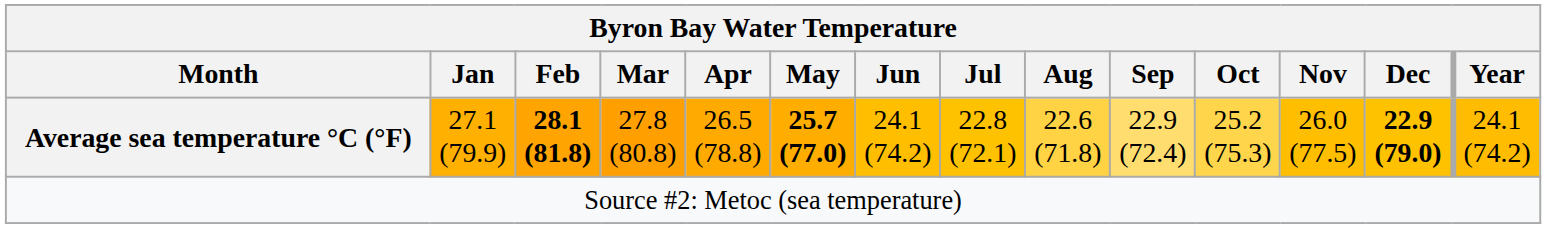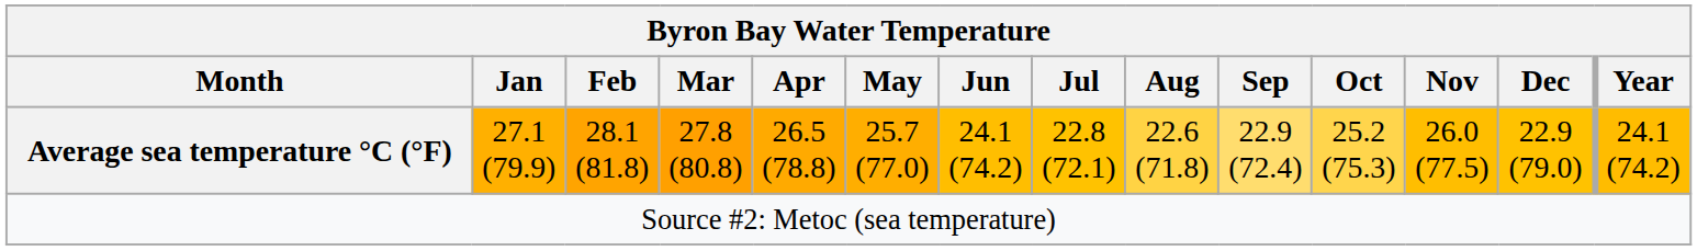 <table style="width:90%;text-align:center;font-size:90%;line-height:1.2em;margin-left:auto;margin-right:auto" class="wikitable">
 <tr>
 <th Colspan=14>Byron Bay Water Temperature</th>
 </tr>
 <tr>
 <th>Month</th>
 <th>Jan</th>
 <th>Feb</th>
 <th>Mar</th>
 <th>Apr</th>
 <th>May</th>
 <th>Jun</th>
 <th>Jul</th>
 <th>Aug</th>
 <th>Sep</th>
 <th>Oct</th>
 <th>Nov</th>
 <th>Dec</th>
 <th style="border-left-width:medium">Year</th>
 </tr>
 <tr>
 <th>Average sea temperature °C (°F)</th>
 <td style="background:#FFB000;color:#000000;">27.1<br>(79.9)</td>
-<td style="background:#FFA400;color:#000000;"><strong>28.1<br>(81.8)</strong></td>
+<td style="background:#FFA400;color:#000000;">28.1<br>(81.8)</td>
 <td style="background:#FFA000;color:#000000;">27.8<br>(80.8)</td>
 <td style="background:#FFAA00;color:#000000;">26.5<br>(78.8)</td>
-<td style="background:#FFAE00;color:#000000;"><strong>25.7<br>(77.0)</strong></td>
+<td style="background:#FFAE00;color:#000000;">25.7<br>(77.0)</td>
 <td style="background:#FFBE00;color:#000000;">24.1<br>(74.2)</td>
 <td style="background:#FFC200;color:#000000;">22.8<br>(72.1)</td>
 <td style="background:#FFD344;color:#000000;">22.6<br>(71.8)</td>
 <td style="background:#FFDD6E;color:#000000;">22.9<br>(72.4)</td>
 <td style="background:#FFD54C;color:#000000;">25.2<br>(75.3)</td>
 <td style="background:#FFBE00;color:#000000;">26.0<br>(77.5)</td>
-<td style="background:#FFC200;color:#000000;"><strong>22.9<br>(79.0)</strong></td>
+<td style="background:#FFC200;color:#000000;">22.9<br>(79.0)</td>
 <td style="background:#FFBC00;color:#000000;border-left-width:medium">24.1<br>(74.2)</td>
 </tr>
 <tr>
 <th Colspan=14 style="background:#f8f9fa;font-weight:normal;font-size:95%;">Source #2: Metoc (sea temperature)</th>
 </tr>
 </table>
